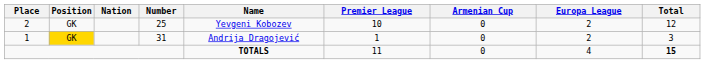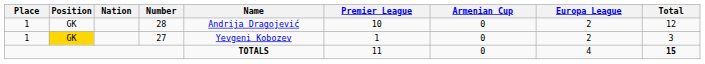 <table class="wikitable" style="font-size: 95%; text-align: center;">
 <tr>
 <th width=60>Place</th>
 <th width=60>Position</th>
 <th width=60>Nation</th>
 <th width=60>Number</th>
 <th width=200>Name</th>
 <th width=150><a href='#'>Premier League</a></th>
 <th width=150><a href='#'>Armenian Cup</a></th>
 <th width=150><a href='#'>Europa League</a></th>
 <th width=80><strong>Total</strong></th>
 </tr>
 <tr>
-<td>2</td>
+<td>1</td>
 <td>GK</td>
 <td></td>
-<td>25</td>
-<td><a href='#'>Yevgeni Kobozev</a></td>
+<td>28</td>
+<td><a href='#'>Andrija Dragojević</a></td>
 <td>10</td>
 <td>0</td>
 <td>2</td>
 <td>12</td>
 </tr>
 <tr>
 <td>1</td>
 <td style="background: gold;">GK</td>
 <td></td>
-<td>31</td>
-<td><a href='#'>Andrija Dragojević</a></td>
+<td>27</td>
+<td><a href='#'>Yevgeni Kobozev</a></td>
 <td>1</td>
 <td>0</td>
 <td>2</td>
 <td>3</td>
 </tr>
 <tr>
 <td colspan="4"></td>
 <td><strong>TOTALS</strong></td>
 <td>11</td>
 <td>0</td>
 <td>4</td>
 <td><strong>15</strong></td>
 </tr>
 </table>
